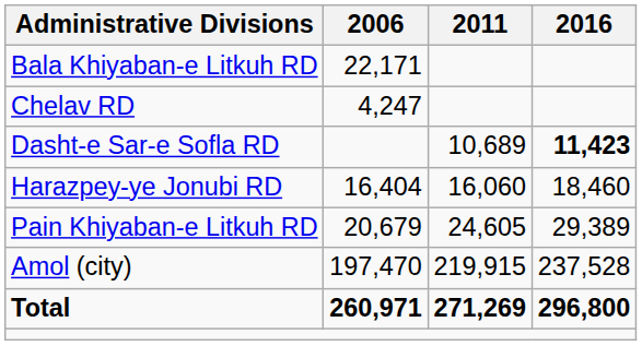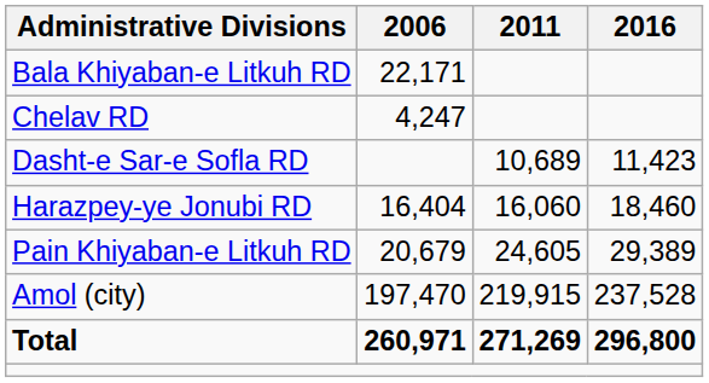 <table class="wikitable">
 <tr>
 <th>Administrative Divisions</th>
 <th>2006</th>
 <th>2011</th>
 <th>2016</th>
 </tr>
 <tr>
 <td><a href='#'>Bala Khiyaban-e Litkuh RD</a></td>
 <td style="text-align: right;">22,171</td>
 <td style="text-align: right;"></td>
 <td style="text-align: right;"></td>
 </tr>
 <tr>
 <td><a href='#'>Chelav RD</a></td>
 <td style="text-align: right;">4,247</td>
 <td style="text-align: right;"></td>
 <td style="text-align: right;"></td>
 </tr>
 <tr>
 <td><a href='#'>Dasht-e Sar-e Sofla RD</a></td>
 <td style="text-align: right;"></td>
 <td style="text-align: right;">10,689</td>
-<td style="text-align: right;"><strong>11,423</strong></td>
+<td style="text-align: right;">11,423</td>
 </tr>
 <tr>
 <td><a href='#'>Harazpey-ye Jonubi RD</a></td>
 <td style="text-align: right;">16,404</td>
 <td style="text-align: right;">16,060</td>
 <td style="text-align: right;">18,460</td>
 </tr>
 <tr>
 <td><a href='#'>Pain Khiyaban-e Litkuh RD</a></td>
 <td style="text-align: right;">20,679</td>
 <td style="text-align: right;">24,605</td>
 <td style="text-align: right;">29,389</td>
 </tr>
 <tr>
 <td><a href='#'>Amol</a> (city)</td>
 <td style="text-align: right;">197,470</td>
 <td style="text-align: right;">219,915</td>
 <td style="text-align: right;">237,528</td>
 </tr>
 <tr>
 <td><strong>Total</strong></td>
 <td style="text-align: right;"><strong>260,971</strong></td>
 <td style="text-align: right;"><strong>271,269</strong></td>
 <td style="text-align: right;"><strong>296,800</strong></td>
 </tr>
 <tr>
 <td colspan=4></td>
 </tr>
 </table>
